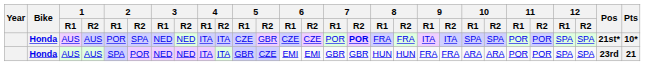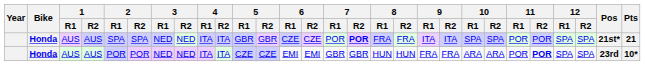 <table class="wikitable" style="text-align:center; font-size:90%;">
 <tr>
 <th rowspan="2">Year</th>
 <th rowspan="2">Bike</th>
 <th colspan="2">1</th>
 <th colspan="2">2</th>
 <th colspan="2">3</th>
 <th colspan="2">4</th>
 <th colspan="2">5</th>
 <th colspan="2">6</th>
 <th colspan="2">7</th>
 <th colspan="2">8</th>
 <th colspan="2">9</th>
 <th colspan="2">10</th>
 <th colspan="2">11</th>
 <th colspan="2">12</th>
 <th rowspan="2">Pos</th>
 <th rowspan="2">Pts</th>
 </tr>
 <tr>
 <th>R1</th>
 <th>R2</th>
 <th>R1</th>
 <th>R2</th>
 <th>R1</th>
 <th>R2</th>
 <th>R1</th>
 <th>R2</th>
 <th>R1</th>
 <th>R2</th>
 <th>R1</th>
 <th>R2</th>
 <th>R1</th>
 <th>R2</th>
 <th>R1</th>
 <th>R2</th>
 <th>R1</th>
 <th>R2</th>
 <th>R1</th>
 <th>R2</th>
 <th>R1</th>
 <th>R2</th>
 <th>R1</th>
 <th>R2</th>
 </tr>
 <tr>
 <th></th>
 <th><a href='#'>Honda</a></th>
 <td style="background:#EFCFFF;"><a href='#'>AUS</a><br></td>
 <td style="background:#CFCFFF;"><a href='#'>AUS</a><br></td>
-<td style="background:#CFCFFF;"><a href='#'>POR</a><br></td>
+<td style="background:#CFCFFF;"><a href='#'>SPA</a><br></td>
 <td style="background:#CFCFFF;"><a href='#'>SPA</a><br></td>
 <td style="background:#CFCFFF;"><a href='#'>NED</a><br></td>
 <td style="background:#DFFFDF;"><a href='#'>NED</a><br></td>
 <td style="background:#CFCFFF;"><a href='#'>ITA</a><br></td>
 <td style="background:#CFCFFF;"><a href='#'>ITA</a><br></td>
-<td style="background:#CFCFFF;"><a href='#'>CZE</a><br></td>
+<td style="background:#CFCFFF;"><a href='#'>GBR</a><br></td>
 <td style="background:#EFCFFF;"><a href='#'>GBR</a><br></td>
 <td style="background:#CFCFFF;"><a href='#'>CZE</a><br></td>
 <td style="background:#EFCFFF;"><a href='#'>CZE</a><br></td>
 <td style="background:#DFFFDF;"><a href='#'>POR</a><br></td>
 <td style="background:#EFCFFF;"><strong><a href='#'>POR</a><br></strong></td>
 <td style="background:#CFCFFF;"><a href='#'>FRA</a><br></td>
 <td style="background:#DFFFDF;"><a href='#'>FRA</a><br></td>
 <td style="background:#EFCFFF;"><a href='#'>ITA</a><br></td>
 <td style="background:#CFCFFF;"><a href='#'>ITA</a><br></td>
 <td style="background:#CFCFFF;"><a href='#'>SPA</a><br></td>
 <td style="background:#CFCFFF;"><a href='#'>SPA</a><br></td>
 <td style="background:#DFFFDF;"><a href='#'>POR</a><br></td>
 <td style="background:#CFCFFF;"><a href='#'>POR</a><br></td>
 <td style="background:#DFFFDF;"><a href='#'>SPA</a><br></td>
 <td style="background:#DFFFDF;"><a href='#'>SPA</a><br></td>
 <th>21st*</th>
-<th>10*</th>
+<th>21</th>
 </tr>
 <tr>
 <th></th>
 <th><a href='#'>Honda</a></th>
 <td style="background:#DFFFDF;"><a href='#'>AUS</a><br></td>
 <td style="background:#DFFFDF;"><a href='#'>AUS</a><br></td>
-<td style="background:#CFCFFF;"><a href='#'>SPA</a><br></td>
+<td style="background:#CFCFFF;"><a href='#'>POR</a><br></td>
 <td style="background:#EFCFFF;"><a href='#'>POR</a><br></td>
 <td style="background:#EFCFFF;"><a href='#'>NED</a><br></td>
 <td style="background:#EFCFFF;"><a href='#'>NED</a><br></td>
 <td style="background:#EFCFFF;"><a href='#'>ITA</a><br></td>
 <td style="background:#DFFFDF;"><a href='#'>ITA</a><br></td>
-<td style="background:#CFCFFF;"><a href='#'>GBR</a><br></td>
+<td style="background:#CFCFFF;"><a href='#'>CZE</a><br></td>
 <td style="background:#CFCFFF;"><a href='#'>CZE</a><br></td>
 <td><a href='#'>EMI</a></td>
 <td><a href='#'>EMI</a></td>
 <td><a href='#'>GBR</a></td>
 <td><a href='#'>GBR</a></td>
 <td><a href='#'>HUN</a></td>
 <td><a href='#'>HUN</a></td>
 <td><a href='#'>FRA</a></td>
 <td><a href='#'>FRA</a></td>
 <td><a href='#'>ARA</a></td>
 <td><a href='#'>ARA</a></td>
 <td><a href='#'>POR</a></td>
-<td><a href='#'>POR</a></td>
+<td><strong><a href='#'>POR</a></strong></td>
 <td><a href='#'>SPA</a></td>
 <td><a href='#'>SPA</a></td>
 <th>23rd</th>
-<th>21</th>
+<th>10*</th>
 </tr>
 </table>
